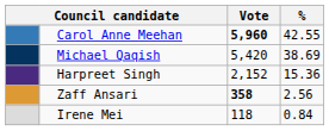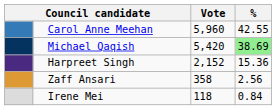 <table class="wikitable">
 <tr>
 <th bgcolor="#DDDDFF" width="230px" colspan="2">Council candidate</th>
 <th bgcolor="#DDDDFF" width="50px">Vote</th>
 <th bgcolor="#DDDDFF" width="30px">%</th>
 </tr>
 <tr>
 <td bgcolor=#337AB7 width="30px"> </td>
 <td>  <a href='#'>Carol Anne Meehan</a></td>
-<td><strong>5,960</strong></td>
+<td>5,960</td>
 <td>42.55</td>
 </tr>
 <tr>
 <td bgcolor=#053360 width="30px"> </td>
 <td>  <a href='#'>Michael Qaqish</a></td>
 <td>5,420</td>
-<td>38.69</td>
+<td style="background: lightgreen;">38.69</td>
 </tr>
 <tr>
 <td bgcolor=#492A80 width="30px"> </td>
 <td>  Harpreet Singh</td>
 <td>2,152</td>
 <td>15.36</td>
 </tr>
 <tr>
 <td bgcolor=#DD9933 width="30px"> </td>
 <td>  Zaff Ansari</td>
-<td><strong>358</strong></td>
+<td>358</td>
 <td>2.56</td>
 </tr>
 <tr>
 <td bgcolor=#DCDCDC width="30px"> </td>
 <td>  Irene Mei</td>
 <td>118</td>
 <td>0.84</td>
 </tr>
 </table>
